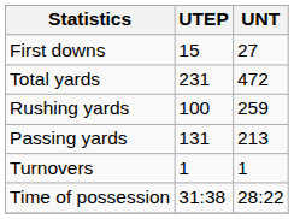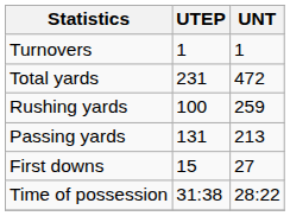 <table class="wikitable">
 <tr>
 <th>Statistics</th>
 <th>UTEP</th>
 <th>UNT</th>
 </tr>
 <tr>
-<td>First downs</td>
-<td>15</td>
-<td>27</td>
+<td>Turnovers</td>
+<td>1</td>
+<td>1</td>
 </tr>
 <tr>
 <td>Total yards</td>
 <td>231</td>
 <td>472</td>
 </tr>
 <tr>
 <td>Rushing yards</td>
 <td>100</td>
 <td>259</td>
 </tr>
 <tr>
 <td>Passing yards</td>
 <td>131</td>
 <td>213</td>
 </tr>
 <tr>
-<td>Turnovers</td>
-<td>1</td>
-<td>1</td>
+<td>First downs</td>
+<td>15</td>
+<td>27</td>
 </tr>
 <tr>
 <td>Time of possession</td>
 <td>31:38</td>
 <td>28:22</td>
 </tr>
 <tr>
 </tr>
 </table>
